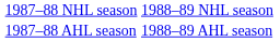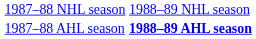 <table>
 <tr>
 <td><a href='#'>1987–88 NHL season</a></td>
 <td><a href='#'>1988–89 NHL season</a></td>
 </tr>
 <tr>
 <td><a href='#'>1987–88 AHL season</a></td>
-<td><a href='#'>1988–89 AHL season</a></td>
+<td><strong><a href='#'>1988–89 AHL season</a></strong></td>
 </tr>
 <tr>
 </tr>
 </table>
